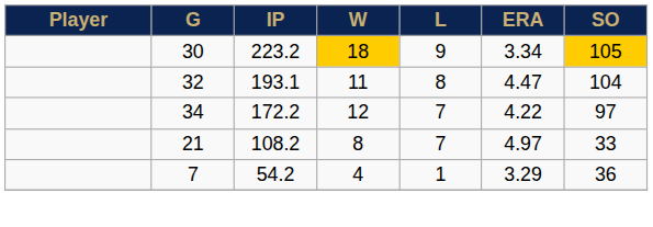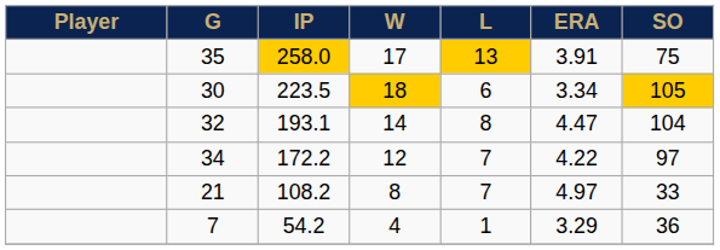 <table class="wikitable sortable">
 <tr>
 <th style="background:#0a2351;color:#c9b074;" width="16%">Player</th>
 <th style="background:#0a2351;color:#c9b074;" width="9%">G</th>
 <th style="background:#0a2351;color:#c9b074;" width="9%">IP</th>
 <th style="background:#0a2351;color:#c9b074;" width="9%">W</th>
 <th style="background:#0a2351;color:#c9b074;" width="9%">L</th>
 <th style="background:#0a2351;color:#c9b074;" width="9%">ERA</th>
 <th style="background:#0a2351;color:#c9b074;" width="9%">SO</th>
 </tr>
 <tr align="center">
 <td></td>
+<td>35</td>
+<td style="background:#fc0;">258.0</td>
+<td>17</td>
+<td style="background:#fc0;">13</td>
+<td>3.91</td>
+<td>75</td>
+</tr>
+<tr align="center">
+<td></td>
 <td>30</td>
-<td>223.2</td>
+<td>223.5</td>
 <td style="background:#fc0;">18</td>
-<td>9</td>
+<td>6</td>
 <td>3.34</td>
 <td style="background:#fc0;">105</td>
 </tr>
 <tr align="center">
 <td></td>
 <td>32</td>
 <td>193.1</td>
-<td>11</td>
+<td>14</td>
 <td>8</td>
 <td>4.47</td>
 <td>104</td>
 </tr>
 <tr align="center">
 <td></td>
 <td>34</td>
 <td>172.2</td>
 <td>12</td>
 <td>7</td>
 <td>4.22</td>
 <td>97</td>
 </tr>
 <tr align="center">
 <td></td>
 <td>21</td>
 <td>108.2</td>
 <td>8</td>
 <td>7</td>
 <td>4.97</td>
 <td>33</td>
 </tr>
 <tr align="center">
 <td></td>
 <td>7</td>
 <td>54.2</td>
 <td>4</td>
 <td>1</td>
 <td>3.29</td>
 <td>36</td>
 </tr>
 <tr align="center">
 </tr>
 </table>
